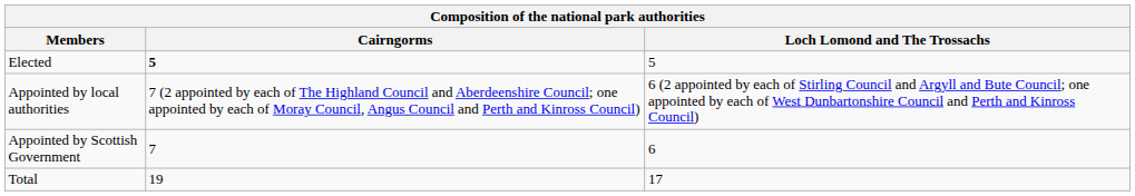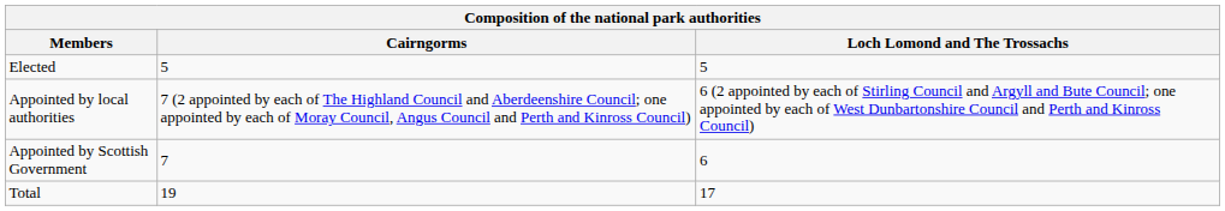 <table class="wikitable sortable">
 <tr>
 <th colspan=3>Composition of the national park authorities</th>
 </tr>
 <tr>
 <th>Members</th>
 <th>Cairngorms</th>
 <th>Loch Lomond and The Trossachs</th>
 </tr>
 <tr>
 <td style="text-align:left">Elected</td>
-<td><strong>5</strong></td>
+<td>5</td>
 <td>5</td>
 </tr>
 <tr>
 <td style="text-align:left">Appointed by local authorities</td>
 <td>7 (2 appointed by each of <a href='#'>The Highland Council</a> and <a href='#'>Aberdeenshire Council</a>; one appointed by each of <a href='#'>Moray Council</a>, <a href='#'>Angus Council</a> and <a href='#'>Perth and Kinross Council</a>)</td>
 <td>6 (2 appointed by each of <a href='#'>Stirling Council</a> and <a href='#'>Argyll and Bute Council</a>; one appointed by each of <a href='#'>West Dunbartonshire Council</a> and <a href='#'>Perth and Kinross Council</a>)</td>
 </tr>
 <tr>
 <td style="text-align:left">Appointed by Scottish Government</td>
 <td>7</td>
 <td>6</td>
 </tr>
 <tr>
 <td style="text-align:left">Total</td>
 <td>19</td>
 <td>17</td>
 </tr>
 </table>
